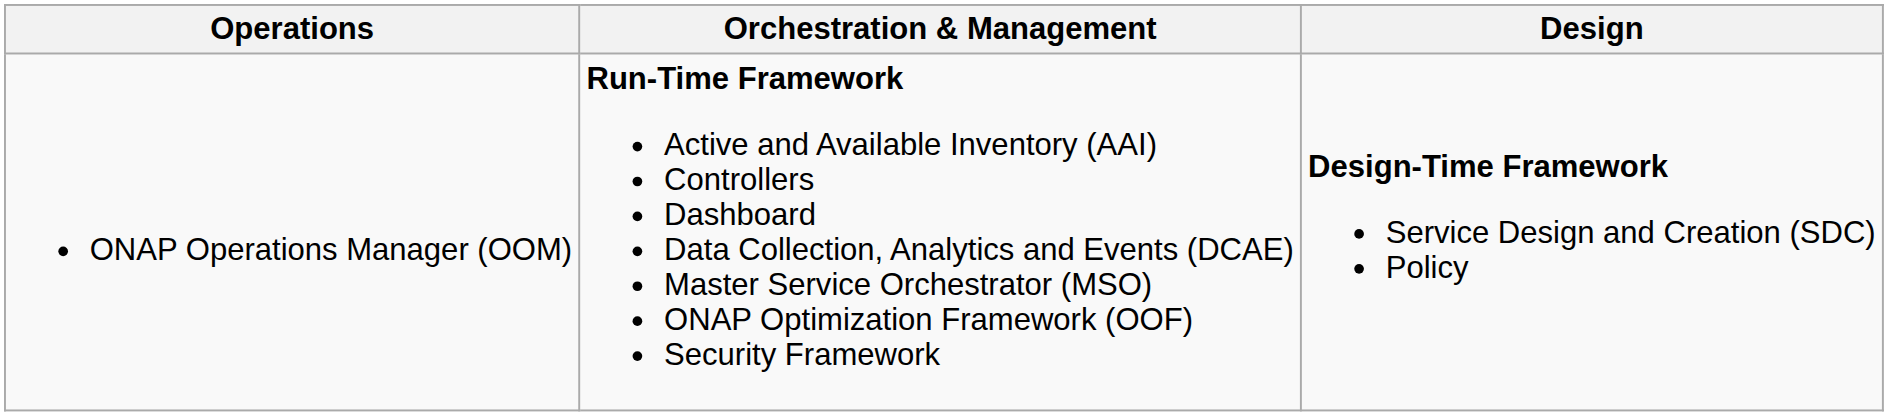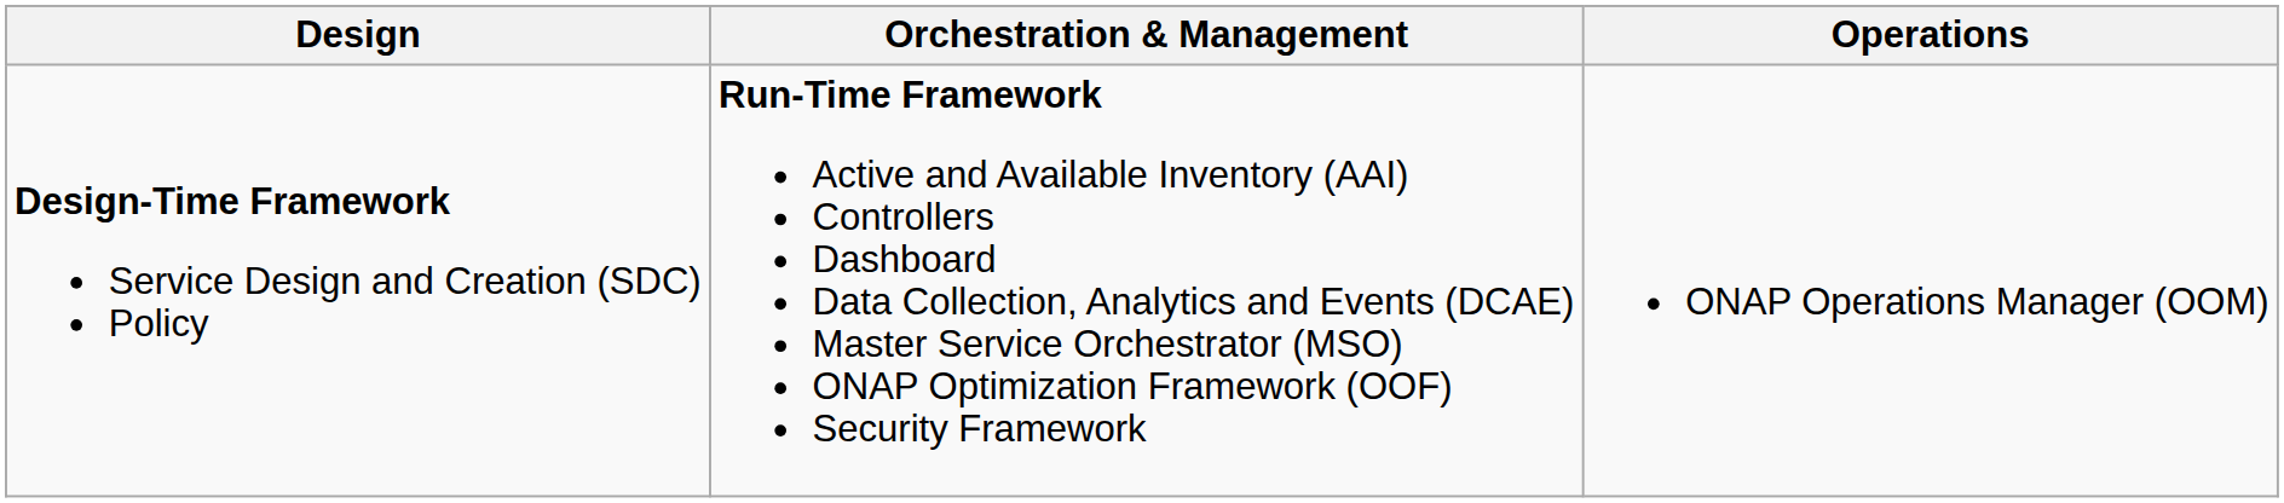 <table class="wikitable">
 <tr>
+<th>Design</th>
+<th>Orchestration & Management</th>
 <th>Operations</th>
-<th>Orchestration & Management</th>
-<th>Design</th>
 </tr>
 <tr>
+<td><strong>Design-Time Framework</strong><br><ul><li>Service Design and Creation (SDC)</li><li>Policy</li></ul></td>
+<td><strong>Run-Time Framework</strong><br><ul><li>Active and Available Inventory (AAI)</li><li>Controllers</li><li>Dashboard</li><li>Data Collection, Analytics and Events (DCAE)</li><li>Master Service Orchestrator (MSO)</li><li>ONAP Optimization Framework (OOF)</li><li>Security Framework</li></ul></td>
 <td><br><ul><li>ONAP Operations Manager (OOM)</li></ul></td>
-<td><strong>Run-Time Framework</strong><br><ul><li>Active and Available Inventory (AAI)</li><li>Controllers</li><li>Dashboard</li><li>Data Collection, Analytics and Events (DCAE)</li><li>Master Service Orchestrator (MSO)</li><li>ONAP Optimization Framework (OOF)</li><li>Security Framework</li></ul></td>
-<td><strong>Design-Time Framework</strong><br><ul><li>Service Design and Creation (SDC)</li><li>Policy</li></ul></td>
 </tr>
 </table>
